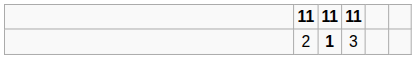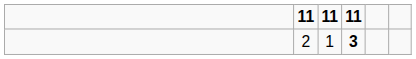 <table class="wikitable">
 <tr>
 <td style="width:18em"><strong></strong></td>
 <td align=center style="width:1em"><strong>11</strong></td>
 <td align=center style="width:1em"><strong>11</strong></td>
 <td align=center style="width:1em"><strong>11</strong></td>
 <td align=center style="width:1em"></td>
 <td align=center style="width:1em"></td>
 </tr>
 <tr>
 <td style="width:18em"></td>
 <td align=center style="width:1em">2</td>
-<td align=center style="width:1em"><strong>1</strong></td>
-<td align=center style="width:1em">3</td>
+<td align=center style="width:1em">1</td>
+<td align=center style="width:1em"><strong>3</strong></td>
 <td align=center style="width:1em"></td>
 <td align=center style="width:1em"></td>
 </tr>
 </table>
